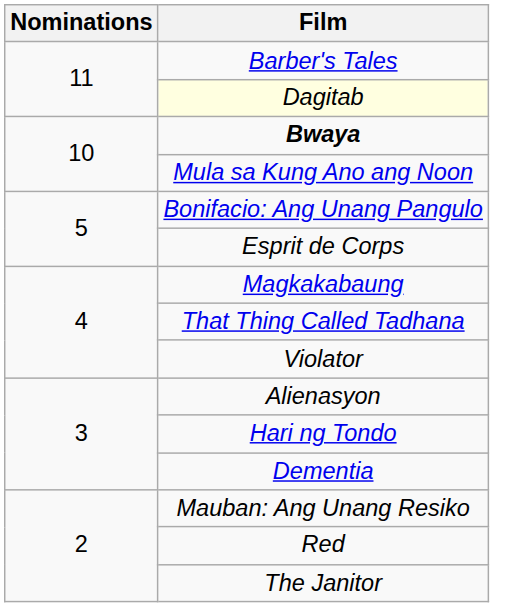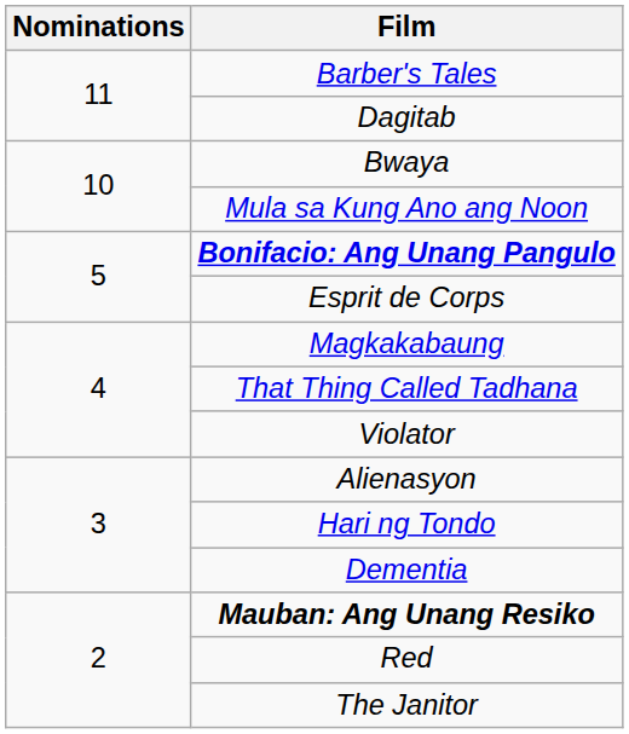 <table class="wikitable" style="text-align:center;">
 <tr>
 <th scope="col" width="55">Nominations</th>
 <th scope="col" align="center">Film</th>
 </tr>
 <tr>
 <td rowspan=2 style="text-align:center">11</td>
 <td><em><a href='#'>Barber's Tales</a></em></td>
 </tr>
 <tr>
-<td style="background: lightyellow;"><em>Dagitab</em></td>
+<td><em>Dagitab</em></td>
 </tr>
 <tr>
 <td rowspan=2 style="text-align:center">10</td>
-<td><strong><em>Bwaya</em></strong></td>
+<td><em>Bwaya</em></td>
 </tr>
 <tr>
 <td><em><a href='#'>Mula sa Kung Ano ang Noon</a></em></td>
 </tr>
 <tr>
 <td rowspan=2 style="text-align:center">5</td>
-<td><em><a href='#'>Bonifacio: Ang Unang Pangulo</a></em></td>
+<td><strong><em><a href='#'>Bonifacio: Ang Unang Pangulo</a></em></strong></td>
 </tr>
 <tr>
 <td><em>Esprit de Corps</em></td>
 </tr>
 <tr>
 <td rowspan=3 style="text-align:center">4</td>
 <td><em><a href='#'>Magkakabaung</a></em></td>
 </tr>
 <tr>
 <td><em><a href='#'>That Thing Called Tadhana</a></em></td>
 </tr>
 <tr>
 <td><em>Violator</em></td>
 </tr>
 <tr>
 <td rowspan=3 style="text-align:center">3</td>
 <td><em>Alienasyon</em></td>
 </tr>
 <tr>
 <td><em><a href='#'>Hari ng Tondo</a></em></td>
 </tr>
 <tr>
 <td><em><a href='#'>Dementia</a></em></td>
 </tr>
 <tr>
 <td rowspan=3 style="text-align:center">2</td>
-<td><em>Mauban: Ang Unang Resiko</em></td>
+<td><strong><em>Mauban: Ang Unang Resiko</em></strong></td>
 </tr>
 <tr>
 <td><em>Red</em></td>
 </tr>
 <tr>
 <td><em>The Janitor</em></td>
 </tr>
 </table>
